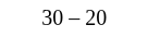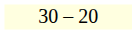 <table style="text-align:center">
 <tr>
 <th width=200></th>
 <th width=100></th>
 <th width=200></th>
 </tr>
 <tr>
 <td align=right><strong></strong></td>
-<td>30 – 20</td>
+<td style="background: lightyellow;">30 – 20</td>
 <td align=left></td>
 </tr>
 </table>
